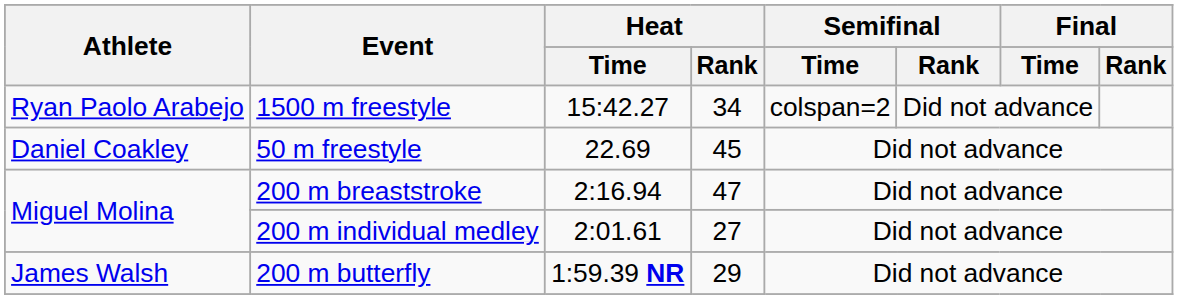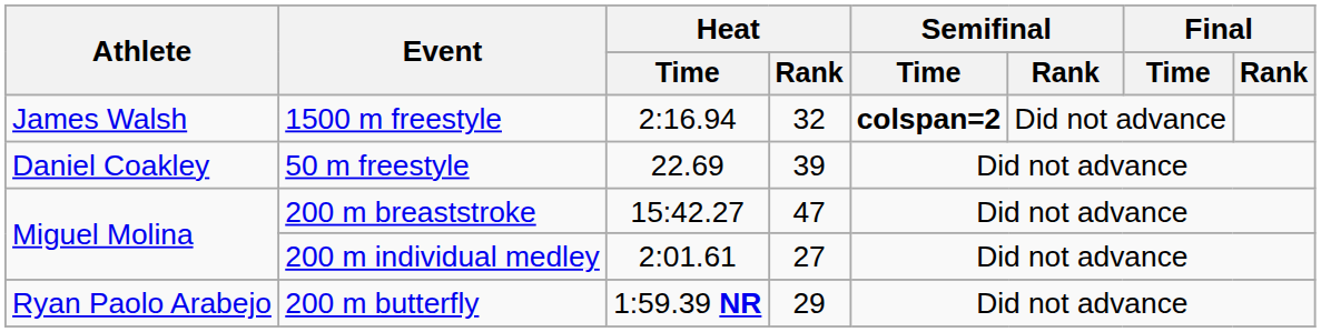 <table class=wikitable style="font-size:90%">
 <tr>
 <th rowspan="2">Athlete</th>
 <th rowspan="2">Event</th>
 <th colspan="2">Heat</th>
 <th colspan="2">Semifinal</th>
 <th colspan="2">Final</th>
 </tr>
 <tr style="font-size:95%">
 <th>Time</th>
 <th>Rank</th>
 <th>Time</th>
 <th>Rank</th>
 <th>Time</th>
 <th>Rank</th>
 </tr>
 <tr align=center>
-<td align=left><a href='#'>Ryan Paolo Arabejo</a></td>
+<td align=left><a href='#'>James Walsh</a></td>
 <td align=left><a href='#'>1500 m freestyle</a></td>
-<td>15:42.27</td>
-<td>34</td>
-<td>colspan=2 </td>
+<td>2:16.94</td>
+<td>32</td>
+<td><strong>colspan=2 </strong></td>
 <td colspan=2>Did not advance</td>
 </tr>
 <tr align=center>
 <td align=left><a href='#'>Daniel Coakley</a></td>
 <td align=left><a href='#'>50 m freestyle</a></td>
 <td>22.69</td>
-<td>45</td>
+<td>39</td>
 <td colspan=4>Did not advance</td>
 </tr>
 <tr align=center>
 <td align=left rowspan=2><a href='#'>Miguel Molina</a></td>
 <td align=left><a href='#'>200 m breaststroke</a></td>
-<td>2:16.94</td>
+<td>15:42.27</td>
 <td>47</td>
 <td colspan=4>Did not advance</td>
 </tr>
 <tr align=center>
 <td align=left><a href='#'>200 m individual medley</a></td>
 <td>2:01.61</td>
 <td>27</td>
 <td colspan=4>Did not advance</td>
 </tr>
 <tr align=center>
-<td align=left><a href='#'>James Walsh</a></td>
+<td align=left><a href='#'>Ryan Paolo Arabejo</a></td>
 <td align=left><a href='#'>200 m butterfly</a></td>
 <td>1:59.39 <strong><a href='#'>NR</a></strong></td>
 <td>29</td>
 <td colspan=4>Did not advance</td>
 </tr>
 </table>
